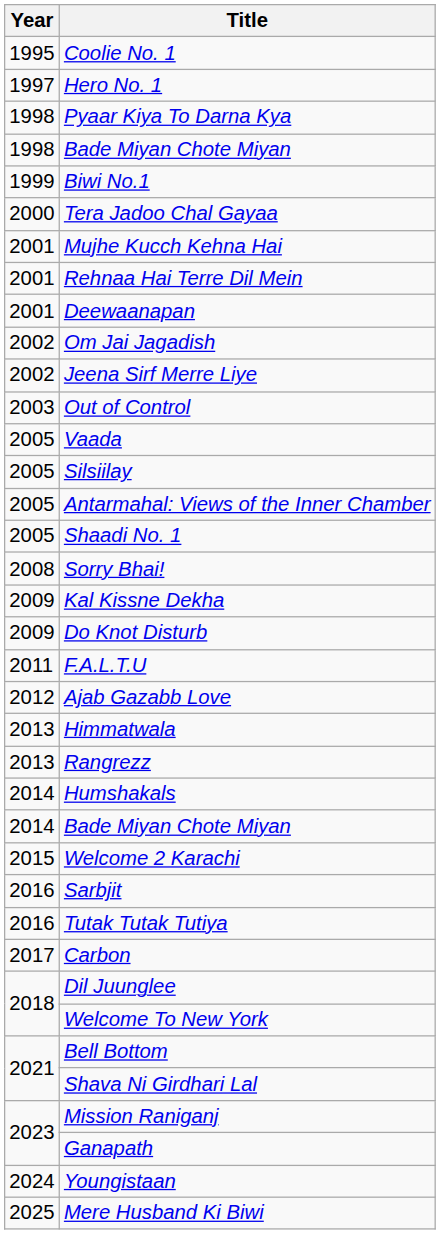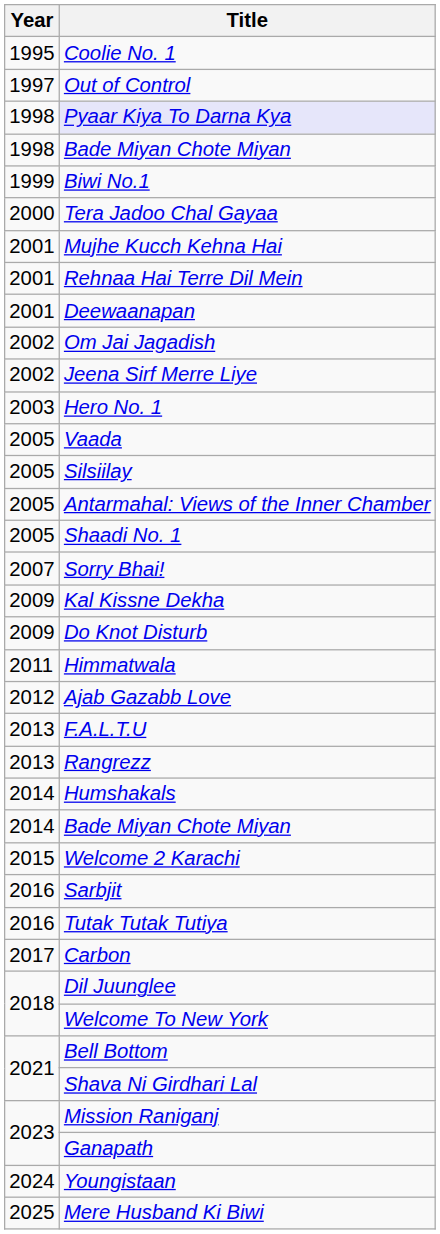 <table class="wikitable sortable">
 <tr>
 <th>Year</th>
 <th>Title</th>
 </tr>
 <tr>
 <td>1995</td>
 <td><em><a href='#'>Coolie No. 1</a></em></td>
 </tr>
 <tr>
 <td>1997</td>
-<td><em><a href='#'>Hero No. 1</a></em></td>
+<td><em><a href='#'>Out of Control</a></em></td>
 </tr>
 <tr>
 <td>1998</td>
-<td><em><a href='#'>Pyaar Kiya To Darna Kya</a></em></td>
+<td style="background: lavender;"><em><a href='#'>Pyaar Kiya To Darna Kya</a></em></td>
 </tr>
 <tr>
 <td>1998</td>
 <td><em><a href='#'>Bade Miyan Chote Miyan</a></em></td>
 </tr>
 <tr>
 <td>1999</td>
 <td><em><a href='#'>Biwi No.1</a></em></td>
 </tr>
 <tr>
 <td>2000</td>
 <td><em><a href='#'>Tera Jadoo Chal Gayaa</a></em></td>
 </tr>
 <tr>
 <td>2001</td>
 <td><em><a href='#'>Mujhe Kucch Kehna Hai</a></em></td>
 </tr>
 <tr>
 <td>2001</td>
 <td><em><a href='#'>Rehnaa Hai Terre Dil Mein</a></em></td>
 </tr>
 <tr>
 <td>2001</td>
 <td><em><a href='#'>Deewaanapan</a></em></td>
 </tr>
 <tr>
 <td>2002</td>
 <td><em><a href='#'>Om Jai Jagadish</a></em></td>
 </tr>
 <tr>
 <td>2002</td>
 <td><em><a href='#'>Jeena Sirf Merre Liye</a> </em></td>
 </tr>
 <tr>
 <td>2003</td>
-<td><em><a href='#'>Out of Control</a></em></td>
+<td><em><a href='#'>Hero No. 1</a></em></td>
 </tr>
 <tr>
 <td>2005</td>
 <td><em><a href='#'>Vaada</a></em></td>
 </tr>
 <tr>
 <td>2005</td>
 <td><em><a href='#'>Silsiilay</a></em></td>
 </tr>
 <tr>
 <td>2005</td>
 <td><em><a href='#'>Antarmahal: Views of the Inner Chamber</a></em></td>
 </tr>
 <tr>
 <td>2005</td>
 <td><em><a href='#'>Shaadi No. 1</a></em></td>
 </tr>
 <tr>
-<td>2008</td>
+<td>2007</td>
 <td><em><a href='#'>Sorry Bhai!</a></em></td>
 </tr>
 <tr>
 <td>2009</td>
 <td><em><a href='#'>Kal Kissne Dekha</a></em></td>
 </tr>
 <tr>
 <td>2009</td>
 <td><em><a href='#'>Do Knot Disturb</a></em></td>
 </tr>
 <tr>
 <td>2011</td>
-<td><em><a href='#'>F.A.L.T.U</a></em></td>
+<td><em><a href='#'>Himmatwala</a></em></td>
 </tr>
 <tr>
 <td>2012</td>
 <td><em><a href='#'>Ajab Gazabb Love</a></em></td>
 </tr>
 <tr>
 <td>2013</td>
-<td><em><a href='#'>Himmatwala</a></em></td>
+<td><em><a href='#'>F.A.L.T.U</a></em></td>
 </tr>
 <tr>
 <td>2013</td>
 <td><em><a href='#'>Rangrezz</a></em></td>
 </tr>
 <tr>
 <td>2014</td>
 <td><em><a href='#'>Humshakals</a></em></td>
 </tr>
 <tr>
 <td>2014</td>
 <td><a href='#'><em>Bade Miyan Chote Miyan</em></a></td>
 </tr>
 <tr>
 <td>2015</td>
 <td><em><a href='#'>Welcome 2 Karachi</a></em></td>
 </tr>
 <tr>
 <td>2016</td>
 <td><em><a href='#'>Sarbjit</a></em></td>
 </tr>
 <tr>
 <td>2016</td>
 <td><em><a href='#'>Tutak Tutak Tutiya</a></em></td>
 </tr>
 <tr>
 <td>2017</td>
 <td><em><a href='#'>Carbon</a></em></td>
 </tr>
 <tr>
 <td rowspan="2">2018</td>
 <td><em><a href='#'>Dil Juunglee</a></em></td>
 </tr>
 <tr>
 <td><em><a href='#'>Welcome To New York</a></em></td>
 </tr>
 <tr>
 <td rowspan="2">2021</td>
 <td><em><a href='#'>Bell Bottom</a></em></td>
 </tr>
 <tr>
 <td><em><a href='#'>Shava Ni Girdhari Lal</a></em></td>
 </tr>
 <tr>
 <td rowspan="2">2023</td>
 <td><em><a href='#'>Mission Raniganj</a></em></td>
 </tr>
 <tr>
 <td><em><a href='#'>Ganapath</a></em></td>
 </tr>
 <tr>
 <td>2024</td>
 <td><em><a href='#'>Youngistaan</a></em></td>
 </tr>
 <tr>
 <td>2025</td>
 <td><a href='#'><em>Mere Husband Ki Biwi</em></a></td>
 </tr>
 </table>
